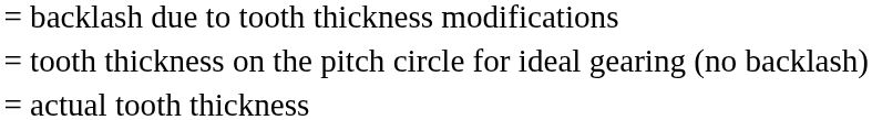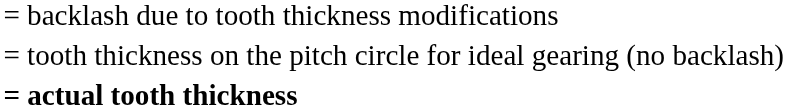 <table>
 <tr>
 <td rowspan="3" width="20"> </td>
 <td></td>
 <td>= backlash due to tooth thickness modifications</td>
 </tr>
 <tr>
 <td></td>
 <td>= tooth thickness on the pitch circle for ideal gearing (no backlash)</td>
 </tr>
 <tr>
 <td></td>
-<td>= actual tooth thickness</td>
+<td><strong>= actual tooth thickness</strong></td>
 </tr>
 </table>
